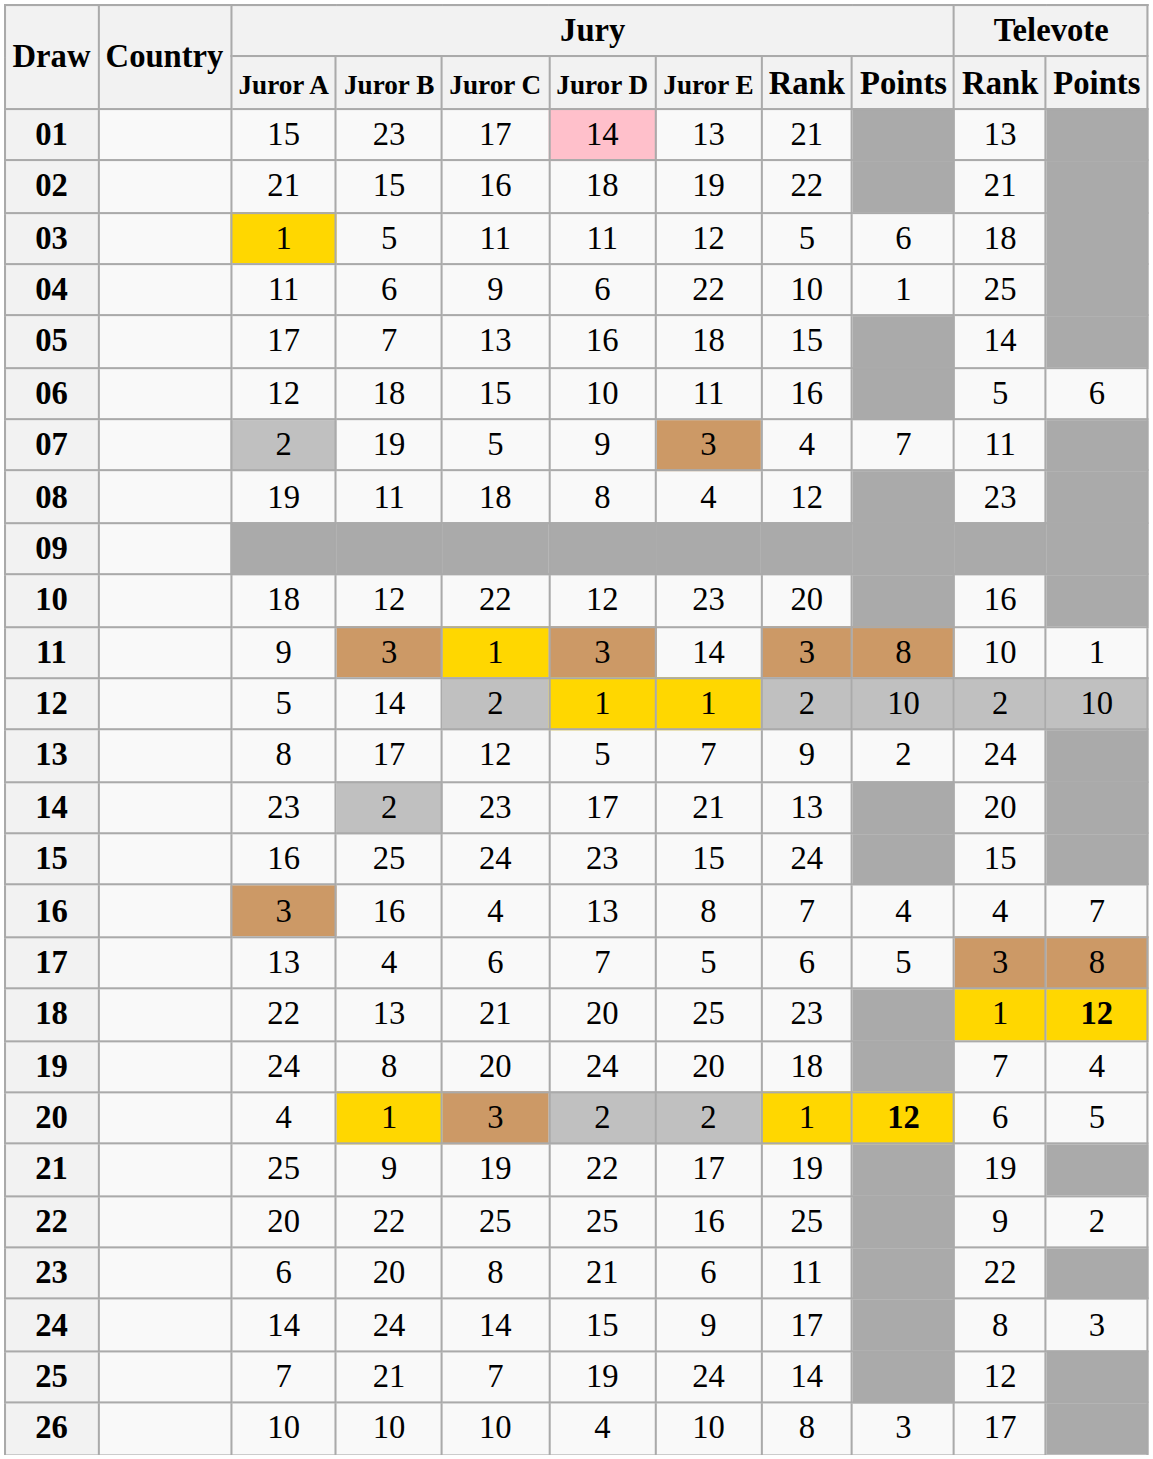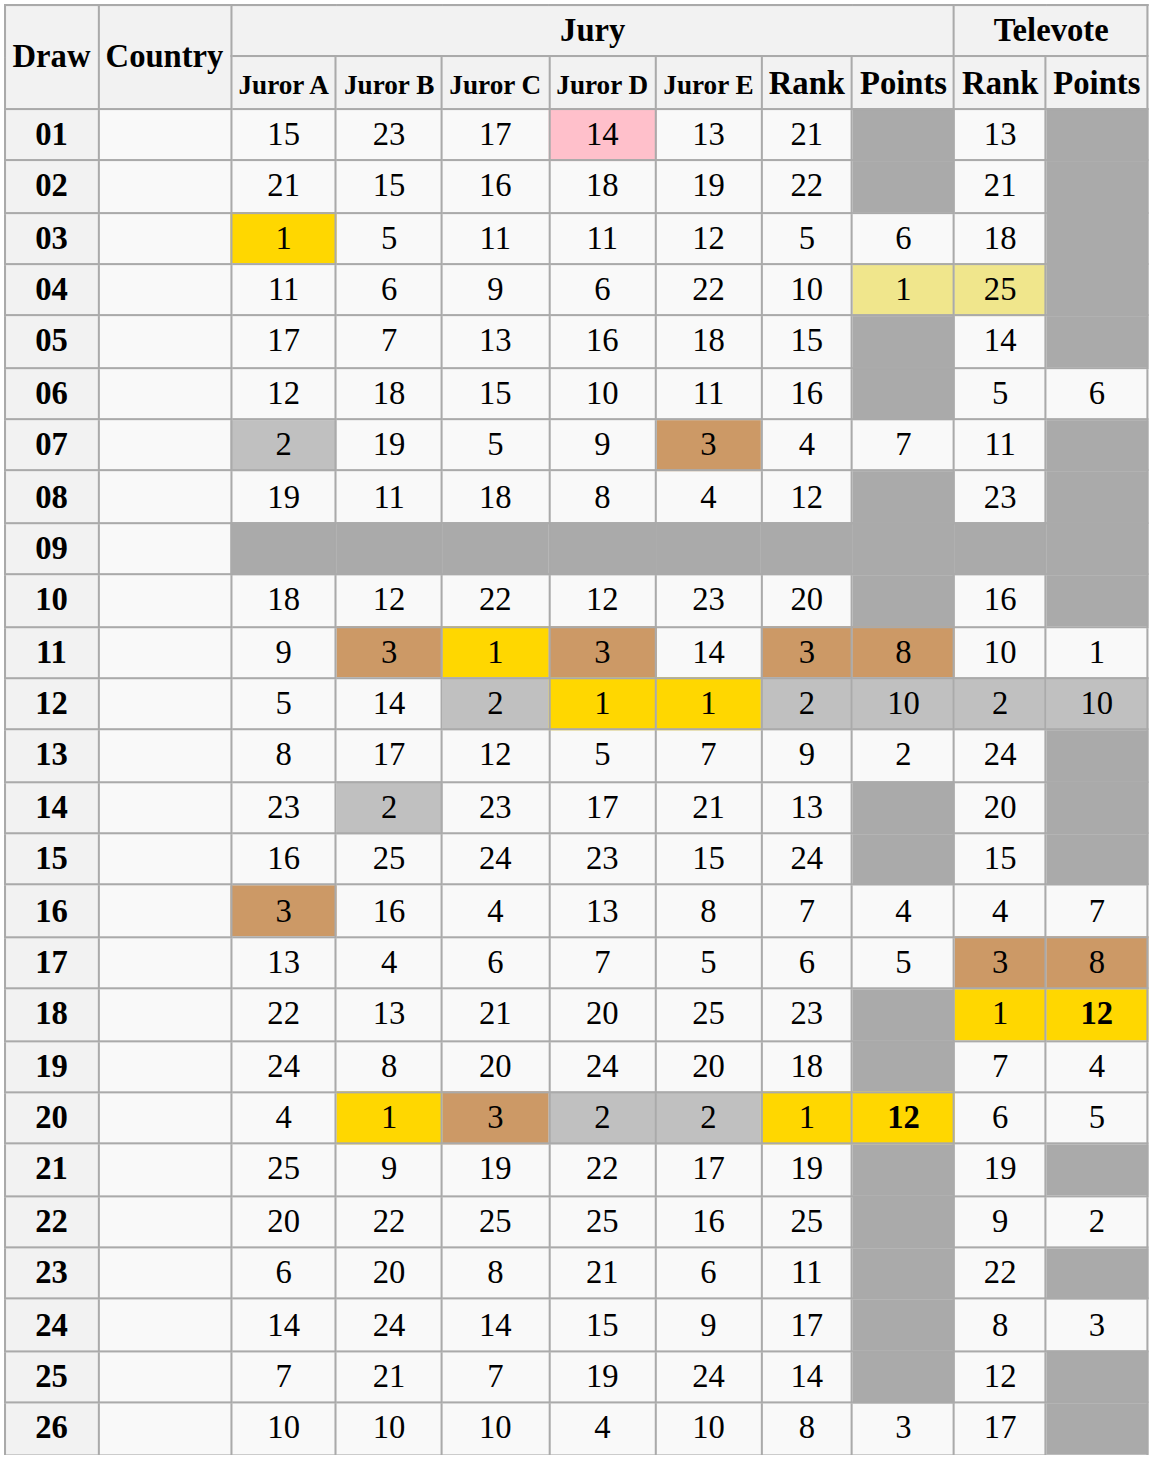 <table class="sortable wikitable collapsible plainrowheaders" style="text-align:center;">
 <tr>
 </tr>
 <tr>
 <th scope="col" rowspan="2">Draw</th>
 <th scope="col" rowspan="2">Country</th>
 <th scope="col" colspan="7">Jury</th>
 <th scope="col" colspan="2">Televote</th>
 </tr>
 <tr>
 <th scope="col"><small>Juror A</small></th>
 <th scope="col"><small>Juror B</small></th>
 <th scope="col"><small>Juror C</small></th>
 <th scope="col"><small>Juror D</small></th>
 <th scope="col"><small>Juror E</small></th>
 <th scope="col">Rank</th>
 <th scope="col">Points</th>
 <th scope="col">Rank</th>
 <th scope="col">Points</th>
 </tr>
 <tr>
 <th scope="row" style="text-align:center;">01</th>
 <td style="text-align:left;"></td>
 <td>15</td>
 <td>23</td>
 <td>17</td>
 <td style="background: pink;">14</td>
 <td>13</td>
 <td>21</td>
 <td style="background:#AAAAAA;"></td>
 <td>13</td>
 <td style="background:#AAAAAA;"></td>
 </tr>
 <tr>
 <th scope="row" style="text-align:center;">02</th>
 <td style="text-align:left;"></td>
 <td>21</td>
 <td>15</td>
 <td>16</td>
 <td>18</td>
 <td>19</td>
 <td>22</td>
 <td style="background:#AAAAAA;"></td>
 <td>21</td>
 <td style="background:#AAAAAA;"></td>
 </tr>
 <tr>
 <th scope="row" style="text-align:center;">03</th>
 <td style="text-align:left;"></td>
 <td style="background:gold;">1</td>
 <td>5</td>
 <td>11</td>
 <td>11</td>
 <td>12</td>
 <td>5</td>
 <td>6</td>
 <td>18</td>
 <td style="background:#AAAAAA;"></td>
 </tr>
 <tr>
 <th scope="row" style="text-align:center;">04</th>
 <td style="text-align:left;"></td>
 <td>11</td>
 <td>6</td>
 <td>9</td>
 <td>6</td>
 <td>22</td>
 <td>10</td>
-<td>1</td>
-<td>25</td>
+<td style="background: khaki;">1</td>
+<td style="background: khaki;">25</td>
 <td style="background:#AAAAAA;"></td>
 </tr>
 <tr>
 <th scope="row" style="text-align:center;">05</th>
 <td style="text-align:left;"></td>
 <td>17</td>
 <td>7</td>
 <td>13</td>
 <td>16</td>
 <td>18</td>
 <td>15</td>
 <td style="background:#AAAAAA;"></td>
 <td>14</td>
 <td style="background:#AAAAAA;"></td>
 </tr>
 <tr>
 <th scope="row" style="text-align:center;">06</th>
 <td style="text-align:left;"></td>
 <td>12</td>
 <td>18</td>
 <td>15</td>
 <td>10</td>
 <td>11</td>
 <td>16</td>
 <td style="background:#AAAAAA;"></td>
 <td>5</td>
 <td>6</td>
 </tr>
 <tr>
 <th scope="row" style="text-align:center;">07</th>
 <td style="text-align:left;"></td>
 <td style="background:silver;">2</td>
 <td>19</td>
 <td>5</td>
 <td>9</td>
 <td style="background:#CC9966;">3</td>
 <td>4</td>
 <td>7</td>
 <td>11</td>
 <td style="background:#AAAAAA;"></td>
 </tr>
 <tr>
 <th scope="row" style="text-align:center;">08</th>
 <td style="text-align:left;"></td>
 <td>19</td>
 <td>11</td>
 <td>18</td>
 <td>8</td>
 <td>4</td>
 <td>12</td>
 <td style="background:#AAAAAA;"></td>
 <td>23</td>
 <td style="background:#AAAAAA;"></td>
 </tr>
 <tr class="sortbottom">
 <th scope="row" style="text-align:center;">09</th>
 <td style="text-align:left;"></td>
 <td style="background:#AAAAAA;"></td>
 <td style="background:#AAAAAA;"></td>
 <td style="background:#AAAAAA;"></td>
 <td style="background:#AAAAAA;"></td>
 <td style="background:#AAAAAA;"></td>
 <td style="background:#AAAAAA;"></td>
 <td style="background:#AAAAAA;"></td>
 <td style="background:#AAAAAA;"></td>
 <td style="background:#AAAAAA;"></td>
 </tr>
 <tr>
 <th scope="row" style="text-align:center;">10</th>
 <td style="text-align:left;"></td>
 <td>18</td>
 <td>12</td>
 <td>22</td>
 <td>12</td>
 <td>23</td>
 <td>20</td>
 <td style="background:#AAAAAA;"></td>
 <td>16</td>
 <td style="background:#AAAAAA;"></td>
 </tr>
 <tr>
 <th scope="row" style="text-align:center;">11</th>
 <td style="text-align:left;"></td>
 <td>9</td>
 <td style="background:#CC9966;">3</td>
 <td style="background:gold;">1</td>
 <td style="background:#CC9966;">3</td>
 <td>14</td>
 <td style="background:#CC9966;">3</td>
 <td style="background:#CC9966;">8</td>
 <td>10</td>
 <td>1</td>
 </tr>
 <tr>
 <th scope="row" style="text-align:center;">12</th>
 <td style="text-align:left;"></td>
 <td>5</td>
 <td>14</td>
 <td style="background:silver;">2</td>
 <td style="background:gold;">1</td>
 <td style="background:gold;">1</td>
 <td style="background:silver;">2</td>
 <td style="background:silver;">10</td>
 <td style="background:silver;">2</td>
 <td style="background:silver;">10</td>
 </tr>
 <tr>
 <th scope="row" style="text-align:center;">13</th>
 <td style="text-align:left;"></td>
 <td>8</td>
 <td>17</td>
 <td>12</td>
 <td>5</td>
 <td>7</td>
 <td>9</td>
 <td>2</td>
 <td>24</td>
 <td style="background:#AAAAAA;"></td>
 </tr>
 <tr>
 <th scope="row" style="text-align:center;">14</th>
 <td style="text-align:left;"></td>
 <td>23</td>
 <td style="background:silver;">2</td>
 <td>23</td>
 <td>17</td>
 <td>21</td>
 <td>13</td>
 <td style="background:#AAAAAA;"></td>
 <td>20</td>
 <td style="background:#AAAAAA;"></td>
 </tr>
 <tr>
 <th scope="row" style="text-align:center;">15</th>
 <td style="text-align:left;"></td>
 <td>16</td>
 <td>25</td>
 <td>24</td>
 <td>23</td>
 <td>15</td>
 <td>24</td>
 <td style="background:#AAAAAA;"></td>
 <td>15</td>
 <td style="background:#AAAAAA;"></td>
 </tr>
 <tr>
 <th scope="row" style="text-align:center;">16</th>
 <td style="text-align:left;"></td>
 <td style="background:#CC9966;">3</td>
 <td>16</td>
 <td>4</td>
 <td>13</td>
 <td>8</td>
 <td>7</td>
 <td>4</td>
 <td>4</td>
 <td>7</td>
 </tr>
 <tr>
 <th scope="row" style="text-align:center;">17</th>
 <td style="text-align:left;"></td>
 <td>13</td>
 <td>4</td>
 <td>6</td>
 <td>7</td>
 <td>5</td>
 <td>6</td>
 <td>5</td>
 <td style="background:#CC9966;">3</td>
 <td style="background:#CC9966;">8</td>
 </tr>
 <tr>
 <th scope="row" style="text-align:center;">18</th>
 <td style="text-align:left;"></td>
 <td>22</td>
 <td>13</td>
 <td>21</td>
 <td>20</td>
 <td>25</td>
 <td>23</td>
 <td style="background:#AAAAAA;"></td>
 <td style="background:gold;">1</td>
 <td style="background:gold;"><strong>12</strong></td>
 </tr>
 <tr>
 <th scope="row" style="text-align:center;">19</th>
 <td style="text-align:left;"></td>
 <td>24</td>
 <td>8</td>
 <td>20</td>
 <td>24</td>
 <td>20</td>
 <td>18</td>
 <td style="background:#AAAAAA;"></td>
 <td>7</td>
 <td>4</td>
 </tr>
 <tr>
 <th scope="row" style="text-align:center;">20</th>
 <td style="text-align:left;"></td>
 <td>4</td>
 <td style="background:gold;">1</td>
 <td style="background:#CC9966;">3</td>
 <td style="background:silver;">2</td>
 <td style="background:silver;">2</td>
 <td style="background:gold;">1</td>
 <td style="background:gold;"><strong>12</strong></td>
 <td>6</td>
 <td>5</td>
 </tr>
 <tr>
 <th scope="row" style="text-align:center;">21</th>
 <td style="text-align:left;"></td>
 <td>25</td>
 <td>9</td>
 <td>19</td>
 <td>22</td>
 <td>17</td>
 <td>19</td>
 <td style="background:#AAAAAA;"></td>
 <td>19</td>
 <td style="background:#AAAAAA;"></td>
 </tr>
 <tr>
 <th scope="row" style="text-align:center;">22</th>
 <td style="text-align:left;"></td>
 <td>20</td>
 <td>22</td>
 <td>25</td>
 <td>25</td>
 <td>16</td>
 <td>25</td>
 <td style="background:#AAAAAA;"></td>
 <td>9</td>
 <td>2</td>
 </tr>
 <tr>
 <th scope="row" style="text-align:center;">23</th>
 <td style="text-align:left;"></td>
 <td>6</td>
 <td>20</td>
 <td>8</td>
 <td>21</td>
 <td>6</td>
 <td>11</td>
 <td style="background:#AAAAAA;"></td>
 <td>22</td>
 <td style="background:#AAAAAA;"></td>
 </tr>
 <tr>
 <th scope="row" style="text-align:center;">24</th>
 <td style="text-align:left;"></td>
 <td>14</td>
 <td>24</td>
 <td>14</td>
 <td>15</td>
 <td>9</td>
 <td>17</td>
 <td style="background:#AAAAAA;"></td>
 <td>8</td>
 <td>3</td>
 </tr>
 <tr>
 <th scope="row" style="text-align:center;">25</th>
 <td style="text-align:left;"></td>
 <td>7</td>
 <td>21</td>
 <td>7</td>
 <td>19</td>
 <td>24</td>
 <td>14</td>
 <td style="background:#AAAAAA;"></td>
 <td>12</td>
 <td style="background:#AAAAAA;"></td>
 </tr>
 <tr>
 <th scope="row" style="text-align:center;">26</th>
 <td style="text-align:left;"></td>
 <td>10</td>
 <td>10</td>
 <td>10</td>
 <td>4</td>
 <td>10</td>
 <td>8</td>
 <td>3</td>
 <td>17</td>
 <td style="background:#AAAAAA;"></td>
 </tr>
 </table>
